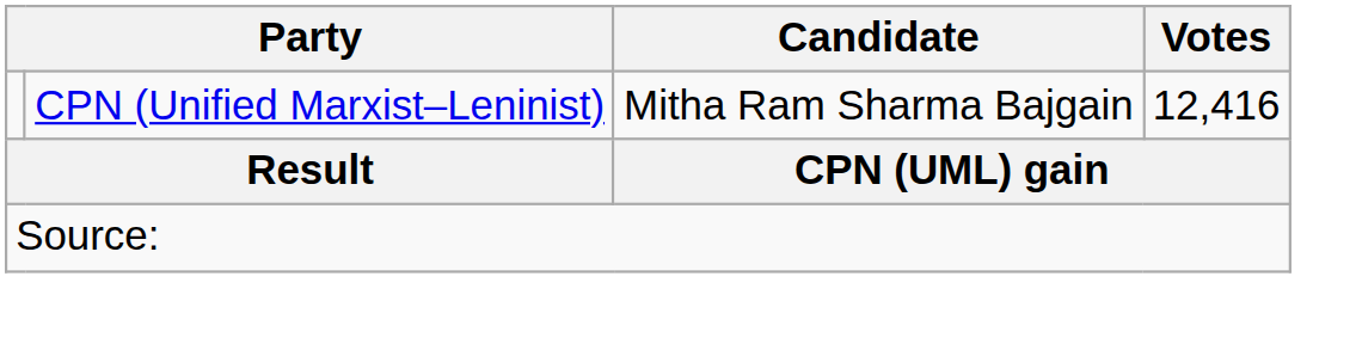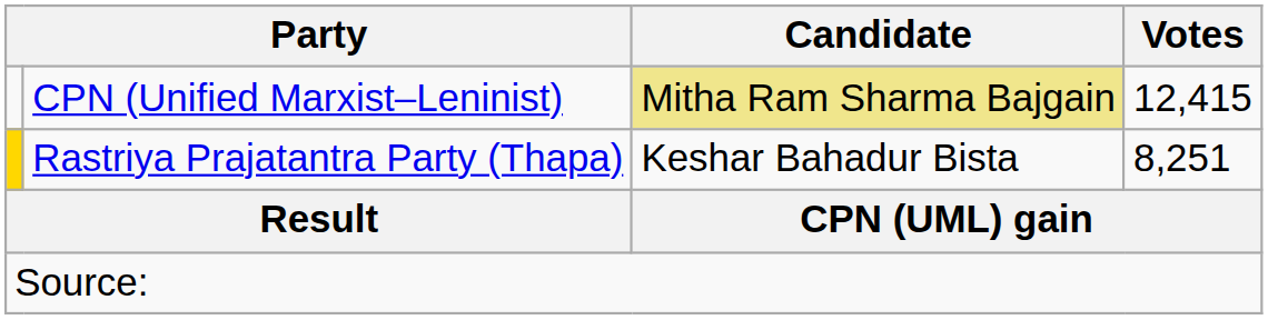 <table class="wikitable">
 <tr>
 <th colspan="2">Party</th>
 <th>Candidate</th>
 <th>Votes</th>
 </tr>
 <tr>
 <td style="background-color:"></td>
 <td><a href='#'>CPN (Unified Marxist–Leninist)</a></td>
-<td>Mitha Ram Sharma Bajgain</td>
-<td>12,416</td>
+<td style="background: khaki;">Mitha Ram Sharma Bajgain</td>
+<td>12,415</td>
+</tr>
+<tr>
+<td style="background-color:gold"></td>
+<td><a href='#'>Rastriya Prajatantra Party (Thapa)</a></td>
+<td>Keshar Bahadur Bista</td>
+<td>8,251</td>
 </tr>
 <tr>
 <th colspan="2">Result</th>
 <th colspan="2">CPN (UML) gain</th>
 </tr>
 <tr>
 <td colspan="4">Source: </td>
 </tr>
 </table>
